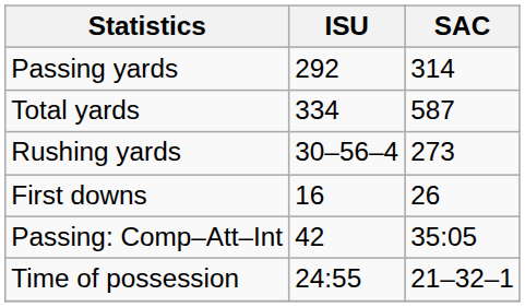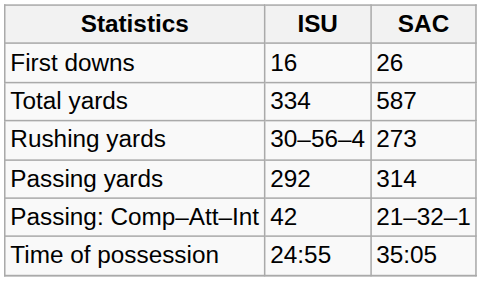 <table class="wikitable" style="float: left;">
 <tr>
 <th>Statistics</th>
 <th>ISU</th>
 <th>SAC</th>
 </tr>
 <tr>
-<td>Passing yards</td>
-<td>292</td>
-<td>314</td>
+<td>First downs</td>
+<td>16</td>
+<td>26</td>
 </tr>
 <tr>
 <td>Total yards</td>
 <td>334</td>
 <td>587</td>
 </tr>
 <tr>
 <td>Rushing yards</td>
 <td>30–56–4</td>
 <td>273</td>
 </tr>
 <tr>
-<td>First downs</td>
-<td>16</td>
-<td>26</td>
+<td>Passing yards</td>
+<td>292</td>
+<td>314</td>
 </tr>
 <tr>
 <td>Passing: Comp–Att–Int</td>
 <td>42</td>
-<td>35:05</td>
+<td>21–32–1</td>
 </tr>
 <tr>
 <td>Time of possession</td>
 <td>24:55</td>
-<td>21–32–1</td>
+<td>35:05</td>
 </tr>
 <tr>
 </tr>
 </table>
